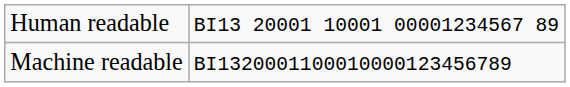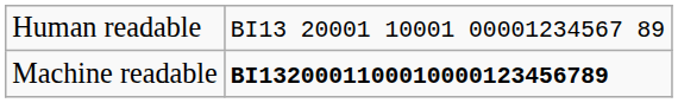 <table class = "wikitable">
 <tr>
 <td>Human readable</td>
 <td><code>BI13 20001 10001 00001234567 89</code></td>
 </tr>
 <tr>
 <td>Machine readable</td>
-<td><code>BI1320001100010000123456789</code></td>
+<td><strong><code>BI1320001100010000123456789</code></strong></td>
 </tr>
 </table>
